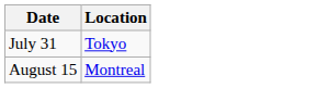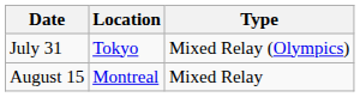 <table class="wikitable" style="display:inline-table;">
 <tr>
 <th>Date</th>
 <th>Location</th>
+<th>Type</th>
 </tr>
 <tr>
 <td>July 31</td>
 <td> <a href='#'>Tokyo</a></td>
+<td>Mixed Relay (<a href='#'>Olympics</a>)</td>
 </tr>
 <tr>
 <td>August 15</td>
 <td> <a href='#'>Montreal</a></td>
+<td>Mixed Relay</td>
 </tr>
 </table>
